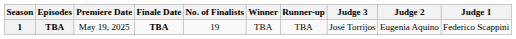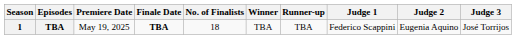 <table class="wikitable"  style="text-align:center; font-size:95%;">
 <tr>
 <th>Season</th>
 <th>Episodes</th>
 <th>Premiere Date</th>
 <th>Finale Date</th>
 <th>No. of Finalists</th>
 <th>Winner</th>
 <th>Runner-up</th>
+<th>Judge 1</th>
+<th>Judge 2</th>
 <th>Judge 3</th>
-<th>Judge 2</th>
-<th>Judge 1</th>
 </tr>
 <tr>
 <th>1</th>
 <th>TBA</th>
 <td>May 19, 2025</td>
 <td><strong>TBA</strong></td>
-<td>19</td>
+<td>18</td>
 <td>TBA</td>
 <td>TBA</td>
+<td>Federico Scappini</td>
+<td>Eugenia Aquino</td>
 <td>José Torrijos</td>
-<td>Eugenia Aquino</td>
-<td>Federico Scappini</td>
 </tr>
 </table>
